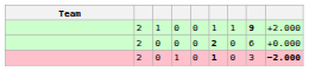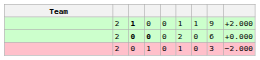 <table class="wikitable">
 <tr>
 <th style="width:175px;">Team</th>
 <th style="width:20px;"></th>
 <th style="width:20px;"></th>
 <th style="width:20px;"></th>
 <th style="width:20px;"></th>
 <th style="width:20px;"></th>
 <th style="width:20px;"></th>
 <th style="width:20px;"></th>
 <th style="width:45px;"></th>
 </tr>
 <tr style="background:#cfc;">
 <td align=left></td>
 <td>2</td>
-<td>1</td>
+<td><strong>1</strong></td>
 <td>0</td>
 <td>0</td>
 <td>1</td>
 <td>1</td>
-<td><strong>9</strong></td>
+<td>9</td>
 <td>+2.000</td>
 </tr>
 <tr bgcolor=ccffcc>
 <td align=left></td>
 <td>2</td>
+<td><strong>0</strong></td>
+<td><strong>0</strong></td>
 <td>0</td>
-<td>0</td>
-<td>0</td>
-<td><strong>2</strong></td>
+<td>2</td>
 <td>0</td>
 <td>6</td>
 <td>+0.000</td>
 </tr>
 <tr bgcolor=pink>
 <td align=left></td>
 <td>2</td>
 <td>0</td>
 <td>1</td>
 <td>0</td>
-<td><strong>1</strong></td>
+<td>1</td>
 <td>0</td>
 <td>3</td>
-<td><strong>−2.000</strong></td>
+<td>−2.000</td>
 </tr>
 </table>
